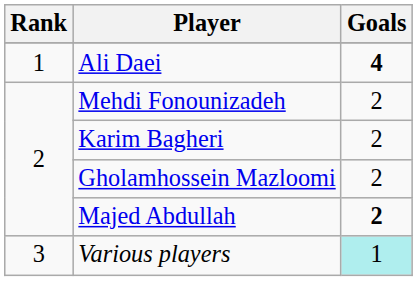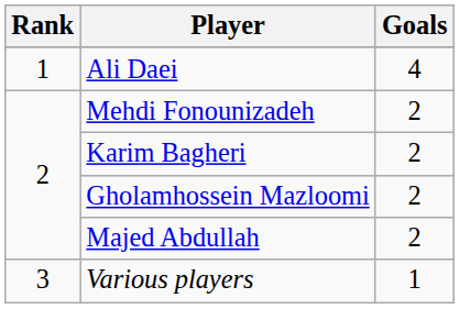 <table class="wikitable" align="center">
 <tr align="center">
 <th>Rank</th>
 <th>Player</th>
 <th>Goals</th>
 </tr>
 <tr>
 </tr>
 <tr>
 <td align=center>1</td>
 <td> <a href='#'>Ali Daei</a></td>
-<td align=center><strong>4</strong></td>
+<td align=center>4</td>
 </tr>
 <tr>
 <td align=center rowspan="4">2</td>
 <td> <a href='#'>Mehdi Fonounizadeh</a></td>
 <td align=center>2</td>
 </tr>
 <tr>
 <td> <a href='#'>Karim Bagheri</a></td>
 <td align=center>2</td>
 </tr>
 <tr>
 <td> <a href='#'>Gholamhossein Mazloomi</a></td>
 <td align=center>2</td>
 </tr>
 <tr>
 <td> <a href='#'>Majed Abdullah</a></td>
-<td align=center><strong>2</strong></td>
+<td align=center>2</td>
 </tr>
 <tr>
 <td align=center>3</td>
 <td><em>Various players</em></td>
-<td align=center style="background: paleturquoise;">1</td>
+<td align=center>1</td>
 </tr>
 </table>
